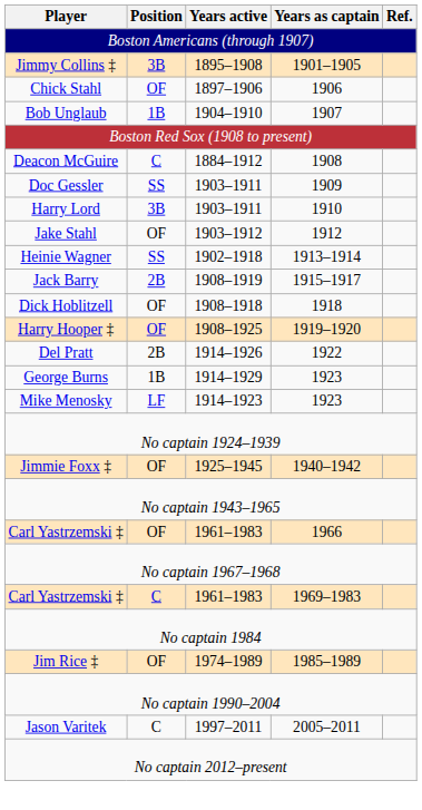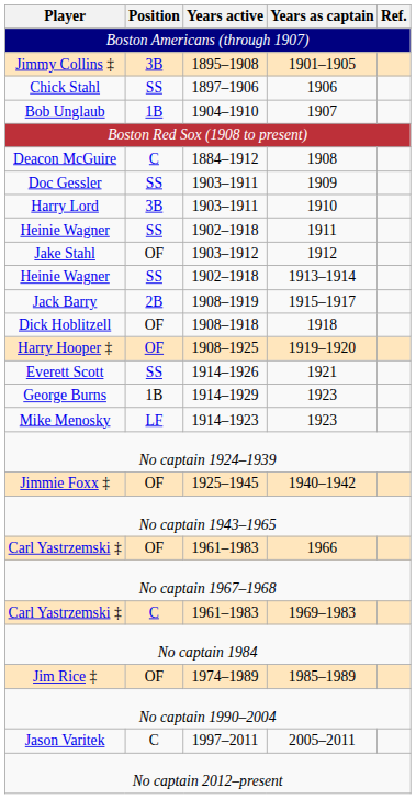 <table class="wikitable" style="text-align:center">
 <tr>
 <th>Player</th>
 <th>Position</th>
 <th>Years active</th>
 <th>Years as captain</th>
 <th>Ref.</th>
 </tr>
 <tr>
 <td colspan=5 style="background: navy; color: white"><em>Boston Americans (through 1907)</em></td>
 </tr>
 <tr style="background-color: #FFE6BD">
 <td><a href='#'>Jimmy Collins</a> ‡</td>
 <td><a href='#'>3B</a></td>
 <td>1895–1908</td>
 <td>1901–1905</td>
 <td><br></td>
 </tr>
 <tr>
 <td><a href='#'>Chick Stahl</a></td>
-<td><a href='#'>OF</a></td>
+<td><a href='#'>SS</a></td>
 <td>1897–1906</td>
 <td>1906</td>
 <td><br></td>
 </tr>
 <tr>
 <td><a href='#'>Bob Unglaub</a></td>
 <td><a href='#'>1B</a></td>
 <td>1904–1910</td>
 <td>1907</td>
 <td><br></td>
 </tr>
 <tr>
 <td colspan=5 style="background:#BD3039;color:#FFFFFF;"><em>Boston Red Sox (1908 to present)</em></td>
 </tr>
 <tr>
 <td><a href='#'>Deacon McGuire</a></td>
 <td><a href='#'>C</a></td>
 <td>1884–1912</td>
 <td>1908</td>
 <td><br></td>
 </tr>
 <tr>
 <td><a href='#'>Doc Gessler</a></td>
 <td><a href='#'>SS</a></td>
 <td>1903–1911</td>
 <td>1909</td>
 <td><br></td>
 </tr>
 <tr>
 <td><a href='#'>Harry Lord</a></td>
 <td><a href='#'>3B</a></td>
 <td>1903–1911</td>
 <td>1910</td>
+<td><br></td>
+</tr>
+<tr>
+<td><a href='#'>Heinie Wagner</a></td>
+<td><a href='#'>SS</a></td>
+<td>1902–1918</td>
+<td>1911</td>
 <td><br></td>
 </tr>
 <tr>
 <td><a href='#'>Jake Stahl</a></td>
 <td>OF</td>
 <td>1903–1912</td>
 <td>1912</td>
 <td><br></td>
 </tr>
 <tr>
 <td><a href='#'>Heinie Wagner</a></td>
 <td><a href='#'>SS</a></td>
 <td>1902–1918</td>
 <td>1913–1914</td>
 <td><br></td>
 </tr>
 <tr>
 <td><a href='#'>Jack Barry</a></td>
 <td><a href='#'>2B</a></td>
 <td>1908–1919</td>
 <td>1915–1917</td>
 <td><br></td>
 </tr>
 <tr>
 <td><a href='#'>Dick Hoblitzell</a></td>
 <td>OF</td>
 <td>1908–1918</td>
 <td>1918</td>
 <td><br></td>
 </tr>
 <tr style="background-color: #FFE6BD">
 <td><a href='#'>Harry Hooper</a> ‡</td>
 <td><a href='#'>OF</a></td>
 <td>1908–1925</td>
 <td>1919–1920</td>
 <td><br></td>
 </tr>
 <tr>
-<td><a href='#'>Del Pratt</a></td>
-<td>2B</td>
+<td><a href='#'>Everett Scott</a></td>
+<td><a href='#'>SS</a></td>
 <td>1914–1926</td>
-<td>1922</td>
+<td>1921</td>
 <td><br></td>
 </tr>
 <tr>
 <td><a href='#'>George Burns</a></td>
 <td>1B</td>
 <td>1914–1929</td>
 <td>1923</td>
 <td><br></td>
 </tr>
 <tr>
 <td><a href='#'>Mike Menosky</a></td>
 <td><a href='#'>LF</a></td>
 <td>1914–1923</td>
 <td>1923</td>
 <td><br></td>
 </tr>
 <tr>
 <td colspan=5><br><em>No captain 1924–1939</em></td>
 </tr>
 <tr style="background-color: #FFE6BD">
 <td><a href='#'>Jimmie Foxx</a> ‡</td>
 <td>OF</td>
 <td>1925–1945</td>
 <td>1940–1942</td>
 <td><br></td>
 </tr>
 <tr>
 <td colspan=5><br><em>No captain 1943–1965</em></td>
 </tr>
 <tr style="background-color: #FFE6BD">
 <td><a href='#'>Carl Yastrzemski</a> ‡</td>
 <td>OF</td>
 <td>1961–1983</td>
 <td>1966</td>
 <td><br></td>
 </tr>
 <tr>
 <td colspan=5><br><em>No captain 1967–1968</em></td>
 </tr>
 <tr style="background-color: #FFE6BD">
 <td><a href='#'>Carl Yastrzemski</a> ‡</td>
 <td><a href='#'>C</a></td>
 <td>1961–1983</td>
 <td>1969–1983</td>
 <td><br></td>
 </tr>
 <tr>
 <td colspan=5><br><em>No captain 1984</em></td>
 </tr>
 <tr style="background-color: #FFE6BD">
 <td><a href='#'>Jim Rice</a> ‡</td>
 <td>OF</td>
 <td>1974–1989</td>
 <td>1985–1989</td>
 <td><br></td>
 </tr>
 <tr>
 <td colspan=5><br><em>No captain 1990–2004</em></td>
 </tr>
 <tr>
 <td><a href='#'>Jason Varitek</a></td>
 <td>C</td>
 <td>1997–2011</td>
 <td>2005–2011</td>
 <td><br></td>
 </tr>
 <tr>
 <td colspan=5><br><em>No captain 2012–present</em></td>
 </tr>
 </table>
